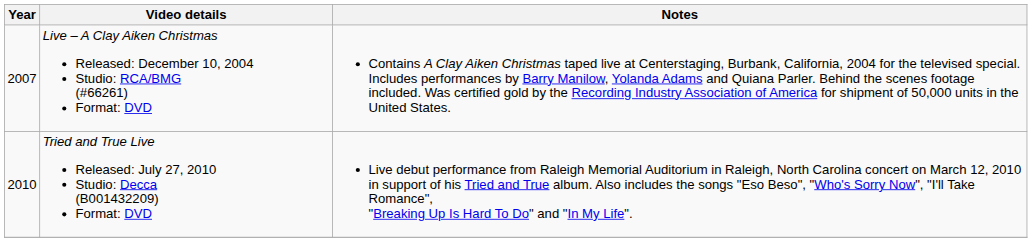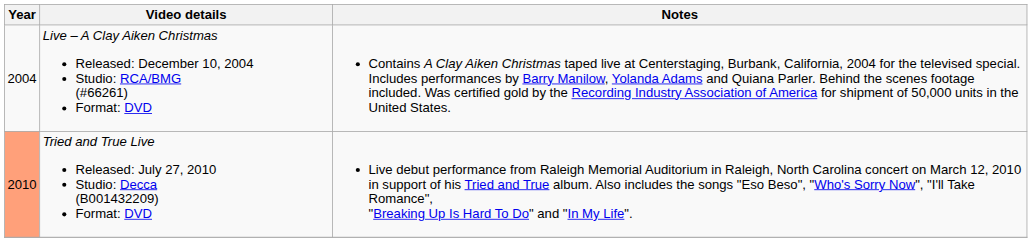 <table class="wikitable">
 <tr>
 <th align="center">Year</th>
 <th align="center" width="350">Video details</th>
 <th>Notes</th>
 </tr>
 <tr>
-<td>2007</td>
+<td>2004</td>
 <td><em>Live – A Clay Aiken Christmas</em><br><ul><li>Released: December 10, 2004</li><li>Studio: <a href='#'>RCA/BMG</a><br>(#66261)</li><li>Format: <a href='#'>DVD</a></li></ul></td>
 <td><br><ul><li>Contains <em>A Clay Aiken Christmas</em> taped live at Centerstaging, Burbank, California, 2004 for the televised special. Includes performances by <a href='#'>Barry Manilow</a>, <a href='#'>Yolanda Adams</a> and Quiana Parler. Behind the scenes footage included.  Was certified gold by the <a href='#'>Recording Industry Association of America</a> for shipment of 50,000 units in the United States.</li></ul></td>
 </tr>
 <tr>
-<td>2010</td>
+<td style="background: lightsalmon;">2010</td>
 <td><em>Tried and True Live</em><br><ul><li>Released: July 27, 2010</li><li>Studio: <a href='#'>Decca</a><br>(B001432209)</li><li>Format: <a href='#'>DVD</a></li></ul></td>
 <td><br><ul><li>Live debut performance from Raleigh Memorial Auditorium in Raleigh, North Carolina concert on March 12, 2010 in support of his <a href='#'>Tried and True</a> album. Also includes the songs "Eso Beso", "<a href='#'>Who's Sorry Now</a>", "I'll Take Romance", <br>"<a href='#'>Breaking Up Is Hard To Do</a>" and "<a href='#'>In My Life</a>".</li></ul></td>
 </tr>
 <tr>
 </tr>
 </table>
